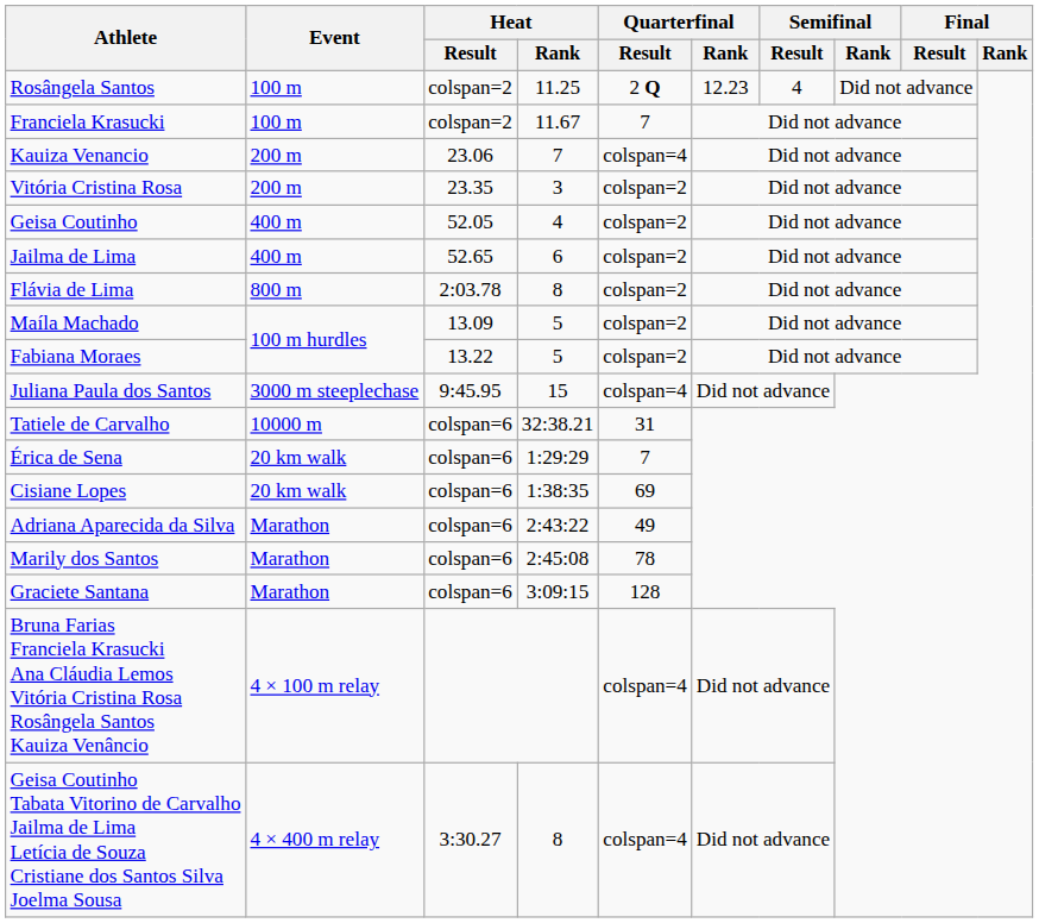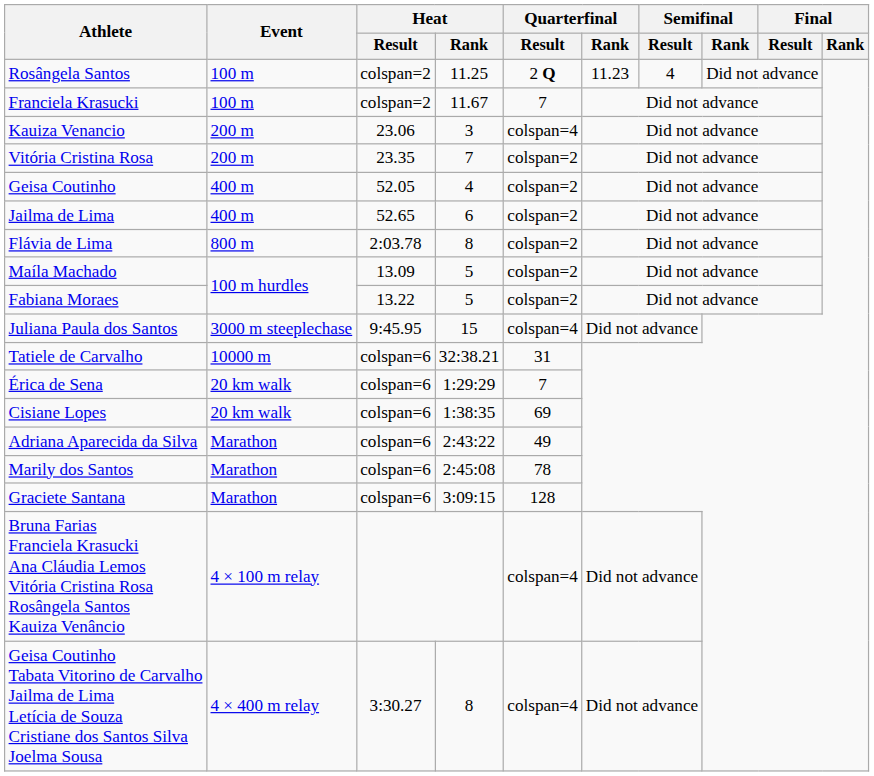 <table class="wikitable" style="font-size:90%">
 <tr>
 <th rowspan="2">Athlete</th>
 <th rowspan="2">Event</th>
 <th colspan="2">Heat</th>
 <th colspan="2">Quarterfinal</th>
 <th colspan="2">Semifinal</th>
 <th colspan="2">Final</th>
 </tr>
 <tr style="font-size:95%">
 <th>Result</th>
 <th>Rank</th>
 <th>Result</th>
 <th>Rank</th>
 <th>Result</th>
 <th>Rank</th>
 <th>Result</th>
 <th>Rank</th>
 </tr>
 <tr align=center>
 <td align=left><a href='#'>Rosângela Santos</a></td>
 <td align=left><a href='#'>100 m</a></td>
 <td>colspan=2 </td>
 <td>11.25</td>
 <td>2 <strong>Q</strong></td>
-<td>12.23</td>
+<td>11.23</td>
 <td>4</td>
 <td colspan=2>Did not advance</td>
 </tr>
 <tr align=center>
 <td align=left><a href='#'>Franciela Krasucki</a></td>
 <td align=left><a href='#'>100 m</a></td>
 <td>colspan=2 </td>
 <td>11.67</td>
 <td>7</td>
 <td colspan=4>Did not advance</td>
 </tr>
 <tr align=center>
 <td align=left><a href='#'>Kauiza Venancio</a></td>
 <td align=left><a href='#'>200 m</a></td>
 <td>23.06</td>
-<td>7</td>
+<td>3</td>
 <td>colspan=4 </td>
 <td colspan=4>Did not advance</td>
 </tr>
 <tr align=center>
 <td align=left><a href='#'>Vitória Cristina Rosa</a></td>
 <td align=left><a href='#'>200 m</a></td>
 <td>23.35</td>
-<td>3</td>
+<td>7</td>
 <td>colspan=2 </td>
 <td colspan=4>Did not advance</td>
 </tr>
 <tr align=center>
 <td align=left><a href='#'>Geisa Coutinho</a></td>
 <td align=left><a href='#'>400 m</a></td>
 <td>52.05</td>
 <td>4</td>
 <td>colspan=2 </td>
 <td colspan=4>Did not advance</td>
 </tr>
 <tr align=center>
 <td align=left><a href='#'>Jailma de Lima</a></td>
 <td align=left><a href='#'>400 m</a></td>
 <td>52.65</td>
 <td>6</td>
 <td>colspan=2 </td>
 <td colspan=4>Did not advance</td>
 </tr>
 <tr align=center>
 <td align=left><a href='#'>Flávia de Lima</a></td>
 <td align=left><a href='#'>800 m</a></td>
 <td>2:03.78</td>
 <td>8</td>
 <td>colspan=2 </td>
 <td colspan=4>Did not advance</td>
 </tr>
 <tr align=center>
 <td align=left><a href='#'>Maíla Machado</a></td>
 <td align=left rowspan=2><a href='#'>100 m hurdles</a></td>
 <td>13.09</td>
 <td>5</td>
 <td>colspan=2 </td>
 <td colspan=4>Did not advance</td>
 </tr>
 <tr align=center>
 <td align=left><a href='#'>Fabiana Moraes</a></td>
 <td>13.22</td>
 <td>5</td>
 <td>colspan=2 </td>
 <td colspan=4>Did not advance</td>
 </tr>
 <tr align=center>
 <td align=left><a href='#'>Juliana Paula dos Santos</a></td>
 <td align=left><a href='#'>3000 m steeplechase</a></td>
 <td>9:45.95</td>
 <td>15</td>
 <td>colspan=4 </td>
 <td colspan=2>Did not advance</td>
 </tr>
 <tr align=center>
 <td align=left><a href='#'>Tatiele de Carvalho</a></td>
 <td align=left><a href='#'>10000 m</a></td>
 <td>colspan=6 </td>
 <td>32:38.21</td>
 <td>31</td>
 </tr>
 <tr align=center>
 <td align=left><a href='#'>Érica de Sena</a></td>
 <td align=left><a href='#'>20 km walk</a></td>
 <td>colspan=6 </td>
 <td>1:29:29</td>
 <td>7</td>
 </tr>
 <tr align=center>
 <td align=left><a href='#'>Cisiane Lopes</a></td>
 <td align=left><a href='#'>20 km walk</a></td>
 <td>colspan=6 </td>
 <td>1:38:35</td>
 <td>69</td>
 </tr>
 <tr align=center>
 <td align=left><a href='#'>Adriana Aparecida da Silva</a></td>
 <td align=left><a href='#'>Marathon</a></td>
 <td>colspan=6 </td>
 <td>2:43:22</td>
 <td>49</td>
 </tr>
 <tr align=center>
 <td align=left><a href='#'>Marily dos Santos</a></td>
 <td align=left><a href='#'>Marathon</a></td>
 <td>colspan=6 </td>
 <td>2:45:08</td>
 <td>78</td>
 </tr>
 <tr align=center>
 <td align=left><a href='#'>Graciete Santana</a></td>
 <td align=left><a href='#'>Marathon</a></td>
 <td>colspan=6 </td>
 <td>3:09:15</td>
 <td>128</td>
 </tr>
 <tr align=center>
 <td align=left><a href='#'>Bruna Farias</a><br><a href='#'>Franciela Krasucki</a><br><a href='#'>Ana Cláudia Lemos</a><br><a href='#'>Vitória Cristina Rosa</a><br><a href='#'>Rosângela Santos</a><br><a href='#'>Kauiza Venâncio</a></td>
 <td align=left><a href='#'>4 × 100 m relay</a></td>
 <td colspan=2></td>
 <td>colspan=4 </td>
 <td colspan=2>Did not advance</td>
 </tr>
 <tr align=center>
 <td align=left><a href='#'>Geisa Coutinho</a><br><a href='#'>Tabata Vitorino de Carvalho</a><br><a href='#'>Jailma de Lima</a><br><a href='#'>Letícia de Souza</a><br><a href='#'>Cristiane dos Santos Silva</a><br><a href='#'>Joelma Sousa</a></td>
 <td align=left><a href='#'>4 × 400 m relay</a></td>
 <td>3:30.27</td>
 <td>8</td>
 <td>colspan=4 </td>
 <td colspan=2>Did not advance</td>
 </tr>
 </table>
